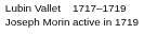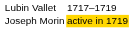 <table>
 <tr>
 <td>Lubin Vallet</td>
 <td>1717–1719</td>
 </tr>
 <tr>
 <td>Joseph Morin</td>
-<td>active in 1719</td>
+<td style="background: gold;">active in 1719</td>
 </tr>
 </table>
